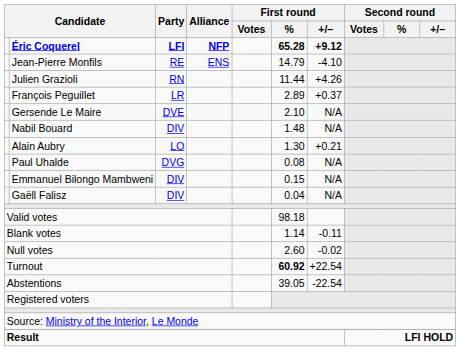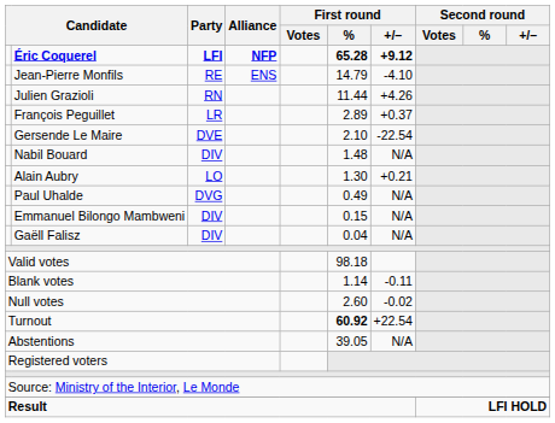 <table class="wikitable" style="text-align:right;font-size:95%;">
 <tr>
 <th rowspan="2" colspan="2">Candidate</th>
 <th rowspan="2">Party</th>
 <th rowspan="2">Alliance</th>
 <th colspan="3">First round</th>
 <th colspan="3">Second round</th>
 </tr>
 <tr>
 <th style="width:50px;">Votes</th>
 <th style="width:45px;">%</th>
 <th style="width:45px;">+/–</th>
 <th style="width:50px;">Votes</th>
 <th style="width:45px;">%</th>
 <th style="width:45px;">+/–</th>
 </tr>
 <tr>
 <td style="color:inherit;background:"></td>
 <td style="text-align:left;"><strong><a href='#'>Éric Coquerel</a></strong></td>
 <td><a href='#'><strong>LFI</strong></a></td>
 <td><a href='#'><strong>NFP</strong></a></td>
 <td><strong></strong></td>
 <td><strong>65.28</strong></td>
 <td><strong>+9.12</strong></td>
 <td colspan="3" style="background:#E9E9E9;"></td>
 </tr>
 <tr>
 <td style="color:inherit;background:"></td>
 <td style="text-align:left;">Jean-Pierre Monfils</td>
 <td><a href='#'>RE</a></td>
 <td><a href='#'>ENS</a></td>
 <td></td>
 <td>14.79</td>
 <td>-4.10</td>
 <td colspan="3" style="background:#E9E9E9;"></td>
 </tr>
 <tr>
 <td style="color:inherit;background:"></td>
 <td style="text-align:left;">Julien Grazioli</td>
 <td><a href='#'>RN</a></td>
 <td></td>
 <td></td>
 <td>11.44</td>
 <td>+4.26</td>
 <td colspan="3" style="background:#E9E9E9;"></td>
 </tr>
 <tr>
 <td style="color:inherit;background:"></td>
 <td style="text-align:left;">François Peguillet</td>
 <td><a href='#'>LR</a></td>
 <td></td>
 <td></td>
 <td>2.89</td>
 <td>+0.37</td>
 <td colspan="3" style="background:#E9E9E9;"></td>
 </tr>
 <tr>
 <td style="color:inherit;background:"></td>
 <td style="text-align:left;">Gersende Le Maire</td>
 <td><a href='#'>DVE</a></td>
 <td></td>
 <td></td>
 <td>2.10</td>
-<td>N/A</td>
+<td>-22.54</td>
 <td colspan="3" style="background:#E9E9E9;"></td>
 </tr>
 <tr>
 <td style="color:inherit;background:"></td>
 <td style="text-align:left;">Nabil Bouard</td>
 <td><a href='#'>DIV</a></td>
 <td></td>
 <td></td>
 <td>1.48</td>
 <td>N/A</td>
 <td colspan="3" style="background:#E9E9E9;"></td>
 </tr>
 <tr>
 <td style="color:inherit;background:"></td>
 <td style="text-align:left;">Alain Aubry</td>
 <td><a href='#'>LO</a></td>
 <td></td>
 <td></td>
 <td>1.30</td>
 <td>+0.21</td>
 <td colspan="3" style="background:#E9E9E9;"></td>
 </tr>
 <tr>
 <td style="color:inherit;background:"></td>
 <td style="text-align:left;">Paul Uhalde</td>
 <td><a href='#'>DVG</a></td>
 <td></td>
 <td></td>
-<td>0.08</td>
+<td>0.49</td>
 <td>N/A</td>
 <td colspan="3" style="background:#E9E9E9;"></td>
 </tr>
 <tr>
 <td style="color:inherit;background:"></td>
 <td style="text-align:left;">Emmanuel Bilongo Mambweni</td>
 <td><a href='#'>DIV</a></td>
 <td></td>
 <td></td>
 <td>0.15</td>
 <td>N/A</td>
 <td colspan="3" style="background:#E9E9E9;"></td>
 </tr>
 <tr>
 <td style="color:inherit;background:"></td>
 <td style="text-align:left;">Gaëll Falisz</td>
 <td><a href='#'>DIV</a></td>
 <td></td>
 <td></td>
 <td>0.04</td>
 <td>N/A</td>
 <td colspan="3" style="background:#E9E9E9;"></td>
 </tr>
 <tr>
 <td colspan="10" style="background:#E9E9E9;"></td>
 </tr>
 <tr>
 <td colspan="4" style="text-align:left;">Valid votes</td>
 <td></td>
 <td>98.18</td>
 <td></td>
 <td colspan="3" style="background:#E9E9E9;"></td>
 </tr>
 <tr>
 <td colspan="4" style="text-align:left;">Blank votes</td>
 <td></td>
 <td>1.14</td>
 <td>-0.11</td>
 <td colspan="3" style="background:#E9E9E9;"></td>
 </tr>
 <tr>
 <td colspan="4" style="text-align:left;">Null votes</td>
 <td></td>
 <td>2.60</td>
 <td>-0.02</td>
 <td colspan="3" style="background:#E9E9E9;"></td>
 </tr>
 <tr>
 <td colspan="4" style="text-align:left;">Turnout</td>
 <td></td>
 <td><strong>60.92</strong></td>
 <td>+22.54</td>
 <td colspan="3" style="background:#E9E9E9;"></td>
 </tr>
 <tr>
 <td colspan="4" style="text-align:left;">Abstentions</td>
 <td></td>
 <td>39.05</td>
-<td>-22.54</td>
+<td>N/A</td>
 <td colspan="3" style="background:#E9E9E9;"></td>
 </tr>
 <tr>
 <td colspan="4" style="text-align:left;">Registered voters</td>
 <td></td>
 <td colspan="5" style="background:#E9E9E9;"></td>
 </tr>
 <tr>
 <td colspan="10" style="background:#E9E9E9;"></td>
 </tr>
 <tr>
 <td colspan="10" style="text-align:left;">Source: <a href='#'>Ministry of the Interior</a>, <a href='#'>Le Monde</a></td>
 </tr>
 <tr>
 </tr>
 <tr style="font-weight:bold">
 <td colspan="7" style="text-align:left;">Result</td>
 <td colspan="7" style="background-color:">LFI HOLD</td>
 </tr>
 </table>
